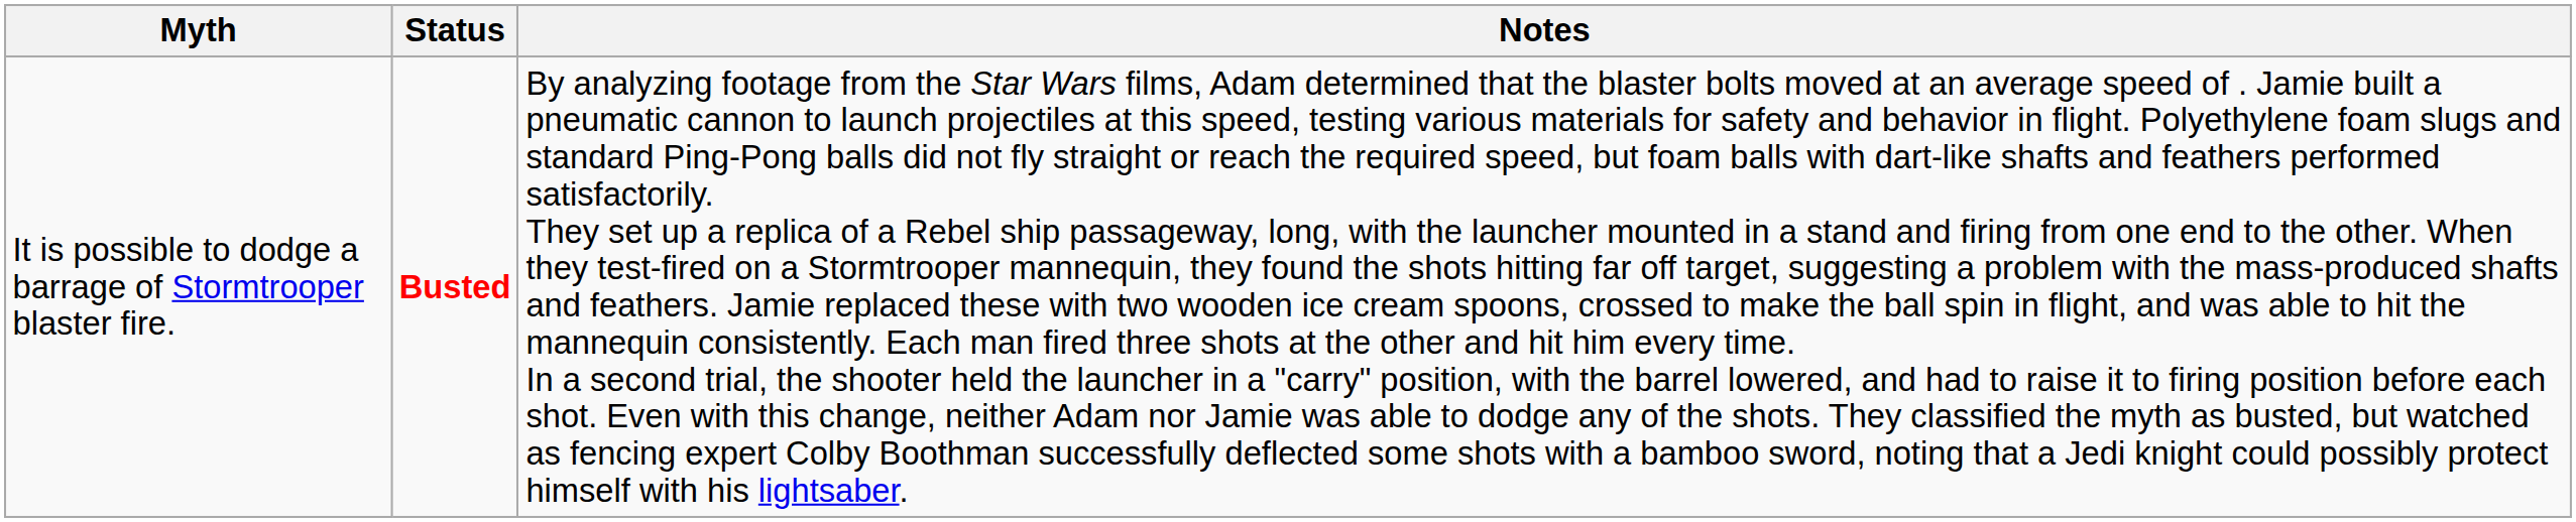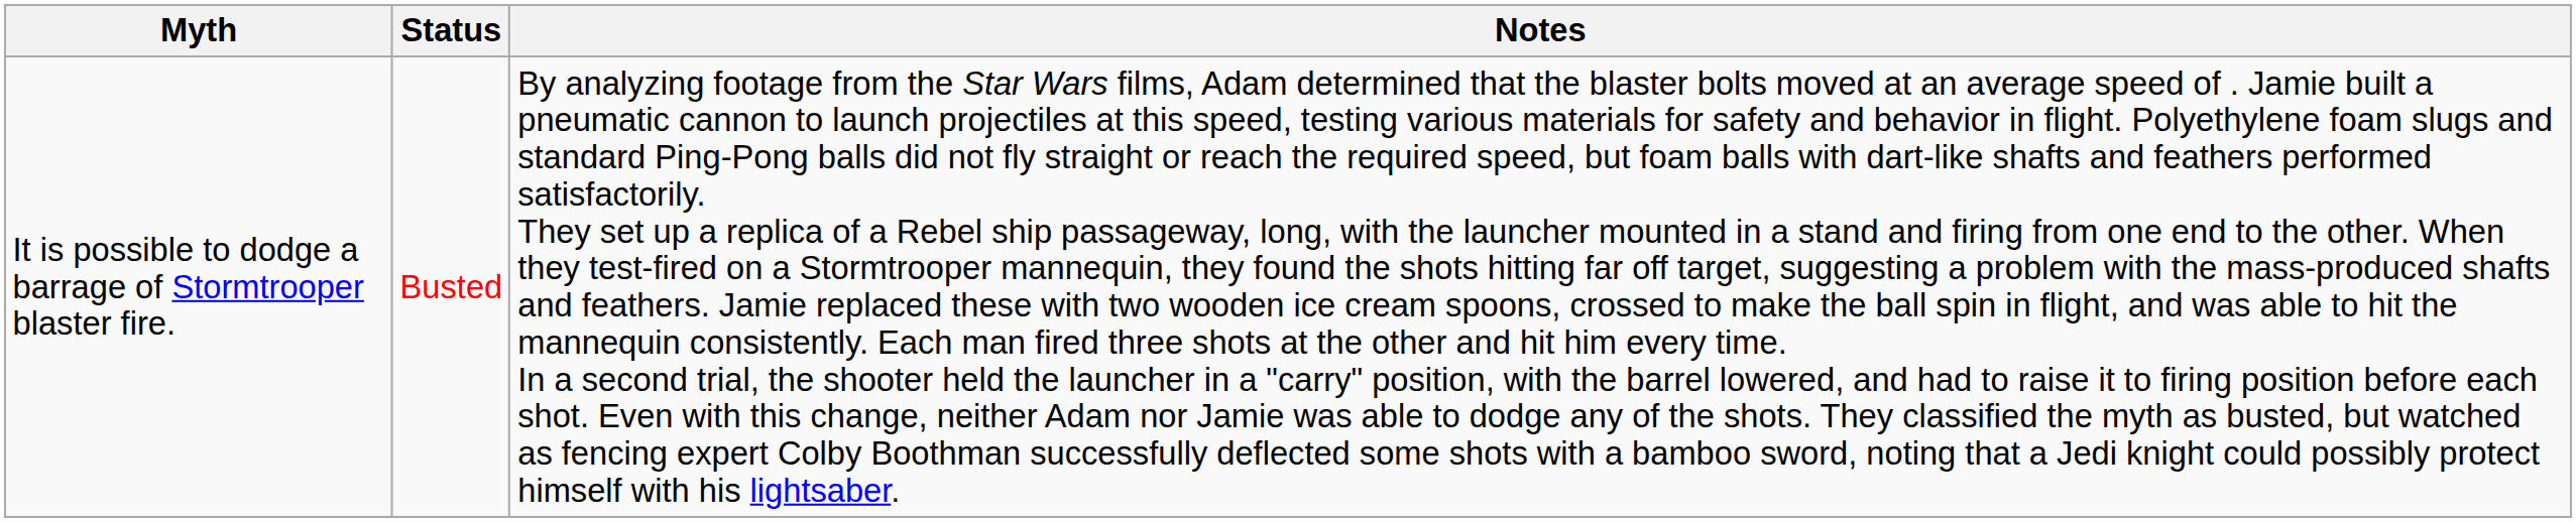 <table class="wikitable plainrowheaders">
 <tr>
 <th scope"col">Myth</th>
 <th scope"col">Status</th>
 <th scope"col">Notes</th>
 </tr>
 <tr>
 <td scope"row">It is possible to dodge a barrage of <a href='#'>Stormtrooper</a> blaster fire.</td>
-<td style="color:red"><strong>Busted</strong></td>
+<td style="color:red">Busted</td>
 <td>By analyzing footage from the <em>Star Wars</em> films, Adam determined that the blaster bolts moved at an average speed of . Jamie built a pneumatic cannon to launch projectiles at this speed, testing various materials for safety and behavior in flight. Polyethylene foam slugs and standard Ping-Pong balls did not fly straight or reach the required speed, but foam balls with dart-like shafts and feathers performed satisfactorily.<br>They set up a replica of a Rebel ship passageway,  long, with the launcher mounted in a stand and firing from one end to the other. When they test-fired on a Stormtrooper mannequin, they found the shots hitting far off target, suggesting a problem with the mass-produced shafts and feathers. Jamie replaced these with two wooden ice cream spoons, crossed to make the ball spin in flight, and was able to hit the mannequin consistently. Each man fired three shots at the other and hit him every time.<br>In a second trial, the shooter held the launcher in a "carry" position, with the barrel lowered, and had to raise it to firing position before each shot. Even with this change, neither Adam nor Jamie was able to dodge any of the shots. They classified the myth as busted, but watched as fencing expert Colby Boothman successfully deflected some shots with a bamboo sword, noting that a Jedi knight could possibly protect himself with his <a href='#'>lightsaber</a>.</td>
 </tr>
 </table>
